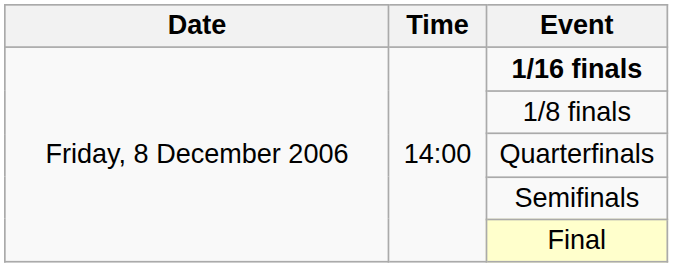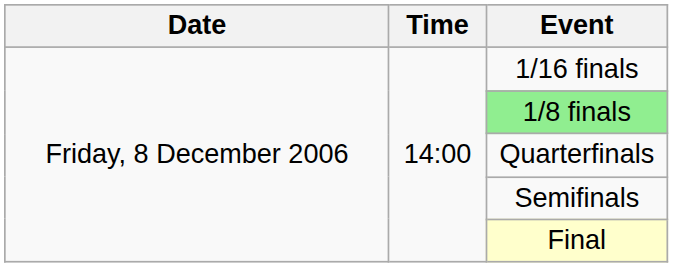 <table class = "wikitable" style="text-align:center;">
 <tr>
 <th width=220>Date</th>
 <th width=50>Time</th>
 <th width=100>Event</th>
 </tr>
 <tr>
 <td rowspan=5>Friday, 8 December 2006</td>
 <td rowspan=5>14:00</td>
-<td><strong>1/16 finals</strong></td>
+<td>1/16 finals</td>
 </tr>
 <tr>
-<td>1/8 finals</td>
+<td style="background: lightgreen;">1/8 finals</td>
 </tr>
 <tr>
 <td>Quarterfinals</td>
 </tr>
 <tr>
 <td>Semifinals</td>
 </tr>
 <tr>
 <td bgcolor=ffffcc>Final</td>
 </tr>
 </table>
